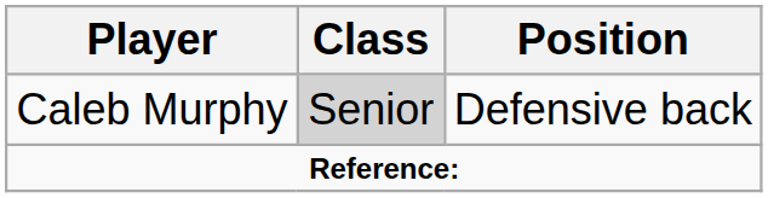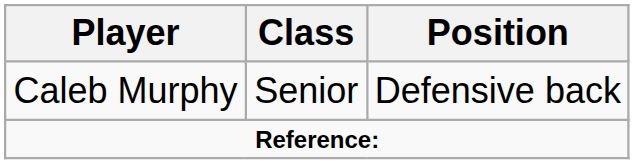 <table class="wikitable">
 <tr ;>
 <th>Player</th>
 <th>Class</th>
 <th>Position</th>
 </tr>
 <tr>
 <td>Caleb Murphy</td>
-<td style="background: lightgrey;">Senior</td>
+<td>Senior</td>
 <td>Defensive back</td>
 </tr>
 <tr>
 <td colspan="3"  style="font-size:8pt; text-align:center;"><strong>Reference:</strong></td>
 </tr>
 </table>
